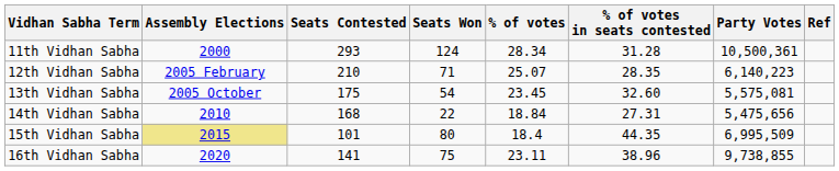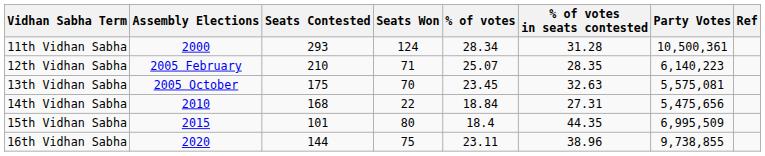 <table class="wikitable sortable" style="text-align:center;">
 <tr>
 <th Style="background-color:">Vidhan Sabha Term</th>
 <th Style="background-color:">Assembly Elections</th>
 <th Style="background-color:">Seats Contested</th>
 <th Style="background-color:">Seats Won</th>
 <th Style="background-color:">% of votes</th>
 <th Style="background-color:">% of votes <br>in seats contested</th>
 <th Style="background-color:">Party Votes</th>
 <th Style="background-color:">Ref</th>
 </tr>
 <tr>
 <td>11th Vidhan Sabha</td>
 <td><a href='#'>2000</a></td>
 <td>293</td>
 <td>124</td>
 <td>28.34</td>
 <td>31.28</td>
 <td>10,500,361</td>
 <td></td>
 </tr>
 <tr>
 <td>12th Vidhan Sabha</td>
 <td><a href='#'>2005 February</a></td>
 <td>210</td>
 <td>71</td>
 <td>25.07</td>
 <td>28.35</td>
 <td>6,140,223</td>
 <td></td>
 </tr>
 <tr>
 <td>13th Vidhan Sabha</td>
 <td><a href='#'>2005 October</a></td>
 <td>175</td>
-<td>54</td>
+<td>70</td>
 <td>23.45</td>
-<td>32.60</td>
+<td>32.63</td>
 <td>5,575,081</td>
 <td></td>
 </tr>
 <tr>
 <td>14th Vidhan Sabha</td>
 <td><a href='#'>2010</a></td>
 <td>168</td>
 <td>22</td>
 <td>18.84</td>
 <td>27.31</td>
 <td>5,475,656</td>
 <td></td>
 </tr>
 <tr>
 <td>15th Vidhan Sabha</td>
-<td style="background: khaki;"><a href='#'>2015</a></td>
+<td><a href='#'>2015</a></td>
 <td>101</td>
 <td>80</td>
 <td>18.4</td>
 <td>44.35</td>
 <td>6,995,509</td>
 <td></td>
 </tr>
 <tr>
 <td>16th Vidhan Sabha</td>
 <td><a href='#'>2020</a></td>
-<td>141</td>
+<td>144</td>
 <td>75</td>
 <td>23.11</td>
 <td>38.96</td>
 <td>9,738,855</td>
 <td></td>
 </tr>
 </table>
